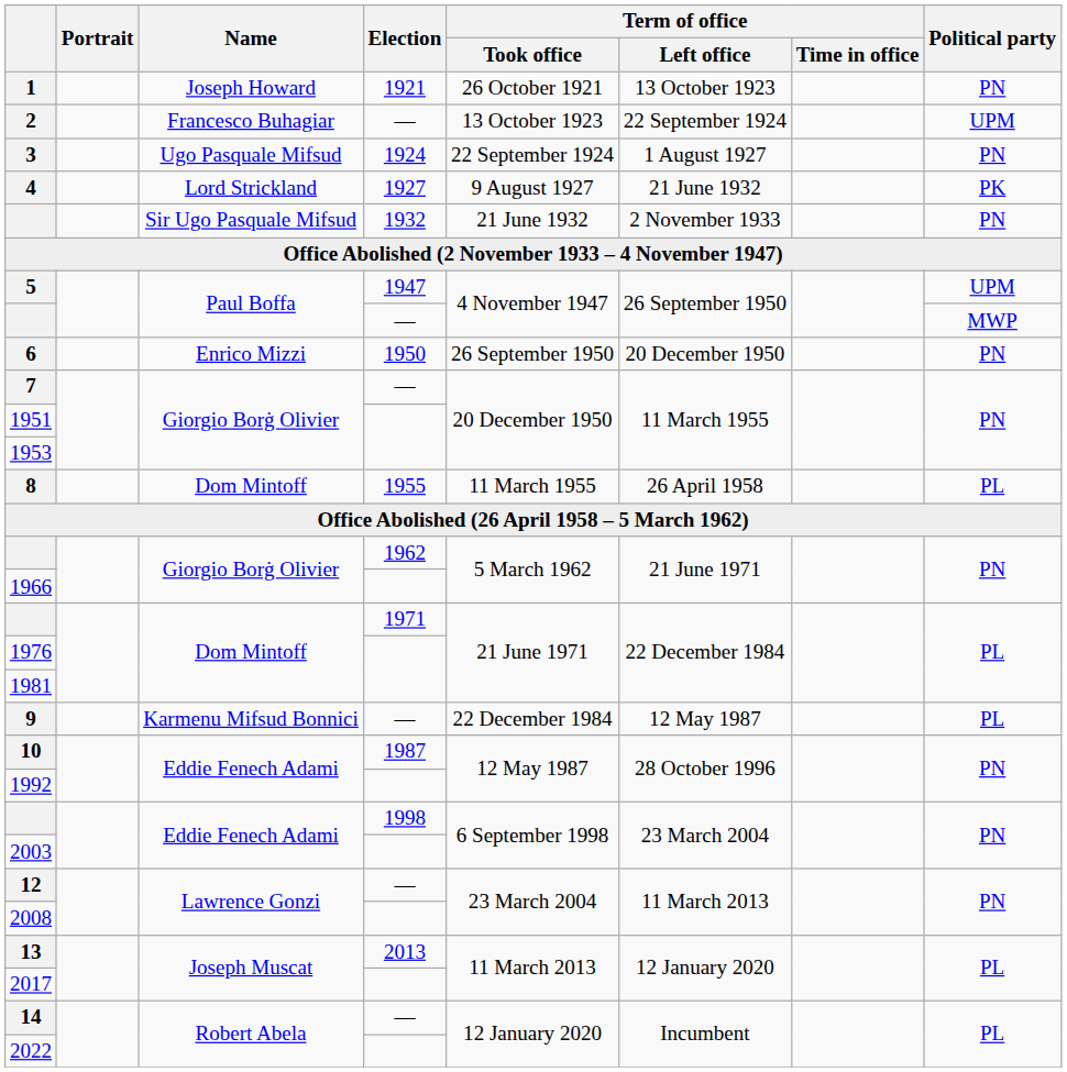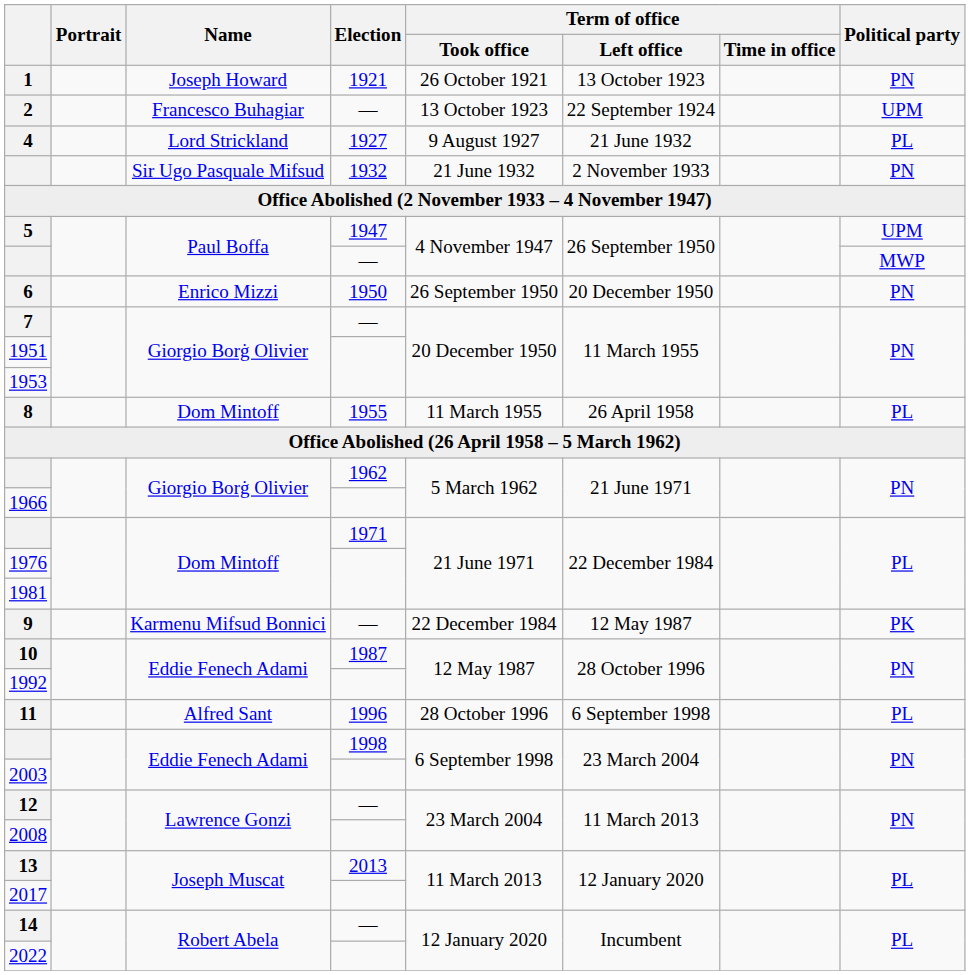 <table class="wikitable" style="text-align:center">
 <tr>
 <th rowspan="2"></th>
 <th rowspan="2">Portrait</th>
 <th rowspan="2">Name<br></th>
 <th rowspan="2">Election</th>
 <th colspan="3">Term of office</th>
 <th rowspan="2">Political party</th>
 </tr>
 <tr>
 <th>Took office</th>
 <th>Left office</th>
 <th>Time in office</th>
 </tr>
 <tr>
 <th style="background:">1</th>
 <td></td>
 <td><a href='#'>Joseph Howard</a><br></td>
 <td><a href='#'>1921</a></td>
 <td>26 October 1921</td>
 <td>13 October 1923</td>
 <td></td>
 <td><a href='#'>PN</a></td>
 </tr>
 <tr>
 <th style="background:">2</th>
 <td></td>
 <td><a href='#'>Francesco Buhagiar</a><br></td>
 <td>—</td>
 <td>13 October 1923</td>
 <td>22 September 1924</td>
 <td></td>
 <td><a href='#'>UPM</a></td>
 </tr>
 <tr>
-<th style="background:">3</th>
-<td></td>
-<td><a href='#'>Ugo Pasquale Mifsud</a><br></td>
-<td><a href='#'>1924</a></td>
-<td>22 September 1924</td>
-<td>1 August 1927</td>
-<td></td>
-<td><a href='#'>PN</a></td>
-</tr>
-<tr>
 <th style="background:">4</th>
 <td></td>
 <td><a href='#'>Lord Strickland</a><br></td>
 <td><a href='#'>1927</a></td>
 <td>9 August 1927</td>
 <td>21 June 1932</td>
 <td></td>
-<td><a href='#'>PK</a></td>
+<td><a href='#'>PL</a></td>
 </tr>
 <tr>
 <th style="background:"></th>
 <td></td>
 <td><a href='#'>Sir Ugo Pasquale Mifsud</a><br></td>
 <td><a href='#'>1932</a></td>
 <td>21 June 1932</td>
 <td>2 November 1933</td>
 <td></td>
 <td><a href='#'>PN</a></td>
 </tr>
 <tr style="background:#eee;">
 <td colspan="8"><strong>Office Abolished (2 November 1933 – 4 November 1947)</strong></td>
 </tr>
 <tr>
 <th style="background:">5</th>
 <td rowspan="2"></td>
 <td rowspan="2"><a href='#'>Paul Boffa</a><br></td>
 <td><a href='#'>1947</a></td>
 <td rowspan="2">4 November 1947</td>
 <td rowspan="2">26 September 1950</td>
 <td rowspan="2"></td>
 <td><a href='#'>UPM</a></td>
 </tr>
 <tr>
 <th style="background:"></th>
 <td>—</td>
 <td><a href='#'>MWP</a></td>
 </tr>
 <tr>
 <th style="background:">6</th>
 <td></td>
 <td><a href='#'>Enrico Mizzi</a><br></td>
 <td><a href='#'>1950</a></td>
 <td>26 September 1950</td>
 <td>20 December 1950</td>
 <td></td>
 <td><a href='#'>PN</a></td>
 </tr>
 <tr>
 <th style="background:">7</th>
 <td rowspan="3"></td>
 <td rowspan="3"><a href='#'>Giorgio Borġ Olivier</a><br></td>
 <td>—</td>
 <td rowspan="3">20 December 1950</td>
 <td rowspan="3">11 March 1955</td>
 <td rowspan="3"></td>
 <td rowspan="3"><a href='#'>PN</a></td>
 </tr>
 <tr>
 <td><a href='#'>1951</a></td>
 </tr>
 <tr>
 <td><a href='#'>1953</a></td>
 </tr>
 <tr>
 <th style="background:">8</th>
 <td></td>
 <td><a href='#'>Dom Mintoff</a><br></td>
 <td><a href='#'>1955</a></td>
 <td>11 March 1955</td>
 <td>26 April 1958</td>
 <td></td>
 <td><a href='#'>PL</a></td>
 </tr>
 <tr style="background:#eee;">
 <td colspan="8"><strong>Office Abolished (26 April 1958 – 5 March 1962)</strong></td>
 </tr>
 <tr>
 <th style="background:"></th>
 <td rowspan="2"></td>
 <td rowspan="2"><a href='#'>Giorgio Borġ Olivier</a><br></td>
 <td><a href='#'>1962</a></td>
 <td rowspan="2">5 March 1962</td>
 <td rowspan="2">21 June 1971</td>
 <td rowspan="2"></td>
 <td rowspan="2"><a href='#'>PN</a></td>
 </tr>
 <tr>
 <td><a href='#'>1966</a></td>
 </tr>
 <tr>
 <th style="background:"></th>
 <td rowspan="3"></td>
 <td rowspan="3"><a href='#'>Dom Mintoff</a><br></td>
 <td><a href='#'>1971</a></td>
 <td rowspan="3">21 June 1971</td>
 <td rowspan="3">22 December 1984</td>
 <td rowspan="3"></td>
 <td rowspan="3"><a href='#'>PL</a></td>
 </tr>
 <tr>
 <td><a href='#'>1976</a></td>
 </tr>
 <tr>
 <td><a href='#'>1981</a></td>
 </tr>
 <tr>
 <th style="background:">9</th>
 <td></td>
 <td><a href='#'>Karmenu Mifsud Bonnici</a><br></td>
 <td>—</td>
 <td>22 December 1984</td>
 <td>12 May 1987</td>
 <td></td>
-<td><a href='#'>PL</a></td>
+<td><a href='#'>PK</a></td>
 </tr>
 <tr>
 <th style="background:">10</th>
 <td rowspan="2"></td>
 <td rowspan="2"><a href='#'>Eddie Fenech Adami</a><br></td>
 <td><a href='#'>1987</a></td>
 <td rowspan="2">12 May 1987</td>
 <td rowspan="2">28 October 1996</td>
 <td rowspan="2"></td>
 <td rowspan="2"><a href='#'>PN</a></td>
 </tr>
 <tr>
 <td><a href='#'>1992</a></td>
+</tr>
+<tr>
+<th style="background:">11</th>
+<td></td>
+<td><a href='#'>Alfred Sant</a><br></td>
+<td><a href='#'>1996</a></td>
+<td>28 October 1996</td>
+<td>6 September 1998</td>
+<td></td>
+<td><a href='#'>PL</a></td>
 </tr>
 <tr>
 <th style="background:"></th>
 <td rowspan="2"></td>
 <td rowspan="2"><a href='#'>Eddie Fenech Adami</a><br></td>
 <td><a href='#'>1998</a></td>
 <td rowspan="2">6 September 1998</td>
 <td rowspan="2">23 March 2004</td>
 <td rowspan="2"></td>
 <td rowspan="2"><a href='#'>PN</a></td>
 </tr>
 <tr>
 <td><a href='#'>2003</a></td>
 </tr>
 <tr>
 <th style="background:">12</th>
 <td rowspan="2"></td>
 <td rowspan="2"><a href='#'>Lawrence Gonzi</a><br></td>
 <td>—</td>
 <td rowspan="2">23 March 2004</td>
 <td rowspan="2">11 March 2013</td>
 <td rowspan="2"></td>
 <td rowspan="2"><a href='#'>PN</a></td>
 </tr>
 <tr>
 <td><a href='#'>2008</a></td>
 </tr>
 <tr>
 <th style="background:">13</th>
 <td rowspan="2"></td>
 <td rowspan="2"><a href='#'>Joseph Muscat</a><br></td>
 <td><a href='#'>2013</a></td>
 <td rowspan="2">11 March 2013</td>
 <td rowspan="2">12 January 2020</td>
 <td rowspan="2"></td>
 <td rowspan="2"><a href='#'>PL</a></td>
 </tr>
 <tr>
 <td><a href='#'>2017</a></td>
 </tr>
 <tr>
 <th style="background:">14</th>
 <td rowspan="2"></td>
 <td rowspan="2"><a href='#'>Robert Abela</a><br></td>
 <td>—</td>
 <td rowspan="2">12 January 2020</td>
 <td rowspan="2">Incumbent</td>
 <td rowspan="2"></td>
 <td rowspan="2"><a href='#'>PL</a></td>
 </tr>
 <tr>
 <td><a href='#'>2022</a></td>
 </tr>
 </table>
